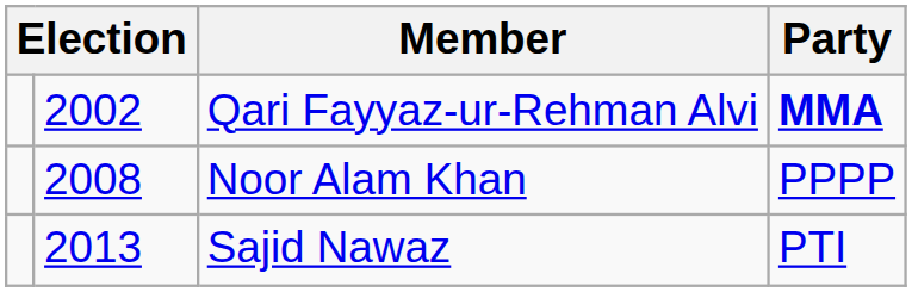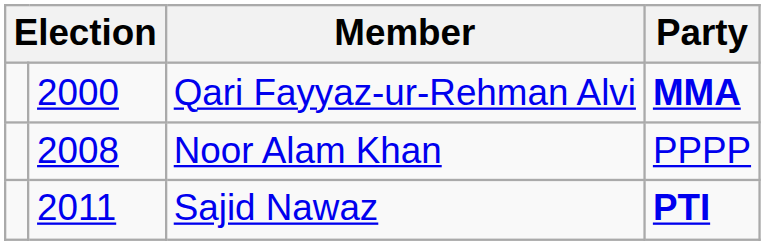 <table class="wikitable">
 <tr>
 <th colspan="2">Election</th>
 <th>Member</th>
 <th>Party</th>
 </tr>
 <tr>
 <td style="background-color: "></td>
-<td><a href='#'>2002</a></td>
+<td><a href='#'>2000</a></td>
 <td><a href='#'>Qari Fayyaz-ur-Rehman Alvi</a></td>
 <td><strong><a href='#'>MMA</a></strong></td>
 </tr>
 <tr>
 <td style="background-color: "></td>
 <td><a href='#'>2008</a></td>
 <td><a href='#'>Noor Alam Khan</a></td>
 <td><a href='#'>PPPP</a></td>
 </tr>
 <tr>
 <td style="background-color: "></td>
-<td><a href='#'>2013</a></td>
+<td><a href='#'>2011</a></td>
 <td><a href='#'>Sajid Nawaz</a></td>
-<td><a href='#'>PTI</a></td>
+<td><strong><a href='#'>PTI</a></strong></td>
 </tr>
 </table>
